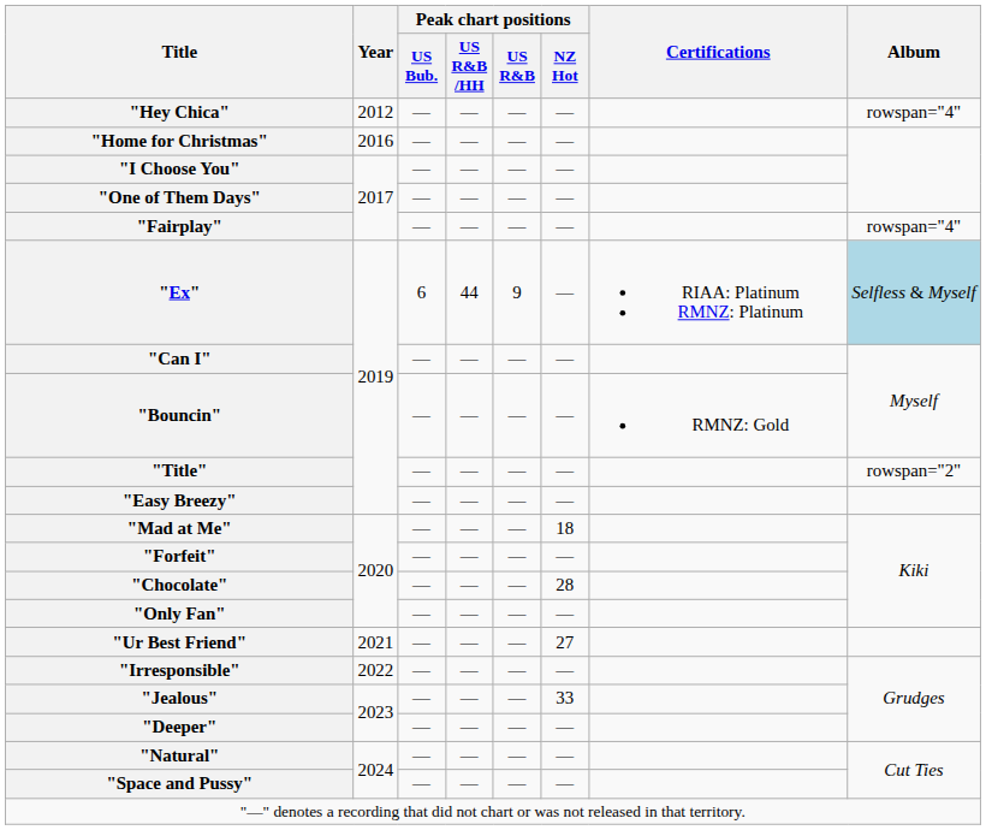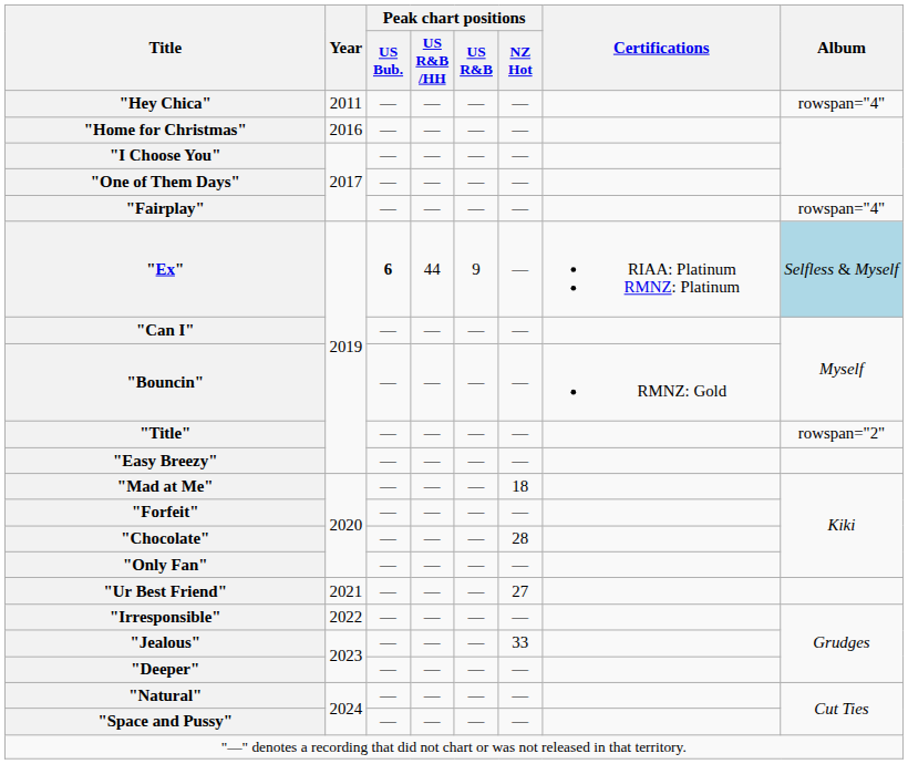 <table class="wikitable plainrowheaders" style="text-align:center;" border="1">
 <tr>
 <th scope="col" rowspan="2" style="width:19em;">Title</th>
 <th scope="col" rowspan="2">Year</th>
 <th scope="col" colspan="4">Peak chart positions</th>
 <th scope="col" rowspan="2" style="width:14em;"><a href='#'>Certifications</a></th>
 <th scope="col" rowspan="2">Album</th>
 </tr>
 <tr>
 <th scope="col" style="width:2.5em;font-size:90%;"><a href='#'>US<br>Bub.</a><br></th>
 <th scope="col" style="width:2.5em;font-size:90%;"><a href='#'>US<br>R&B<br>/HH</a><br></th>
 <th scope="col" style="width:2.5em;font-size:90%;"><a href='#'>US<br>R&B</a><br></th>
 <th scope="col" style="width:2.5em;font-size:90%;"><a href='#'>NZ<br>Hot</a><br></th>
 </tr>
 <tr>
 <th scope="row">"Hey Chica"</th>
-<td>2012</td>
+<td>2011</td>
 <td>—</td>
 <td>—</td>
 <td>—</td>
 <td>—</td>
 <td></td>
 <td>rowspan="4" </td>
 </tr>
 <tr>
 <th scope="row">"Home for Christmas"</th>
 <td>2016</td>
 <td>—</td>
 <td>—</td>
 <td>—</td>
 <td>—</td>
 <td></td>
 </tr>
 <tr>
 <th scope="row">"I Choose You"<br></th>
 <td rowspan="3">2017</td>
 <td>—</td>
 <td>—</td>
 <td>—</td>
 <td>—</td>
 <td></td>
 </tr>
 <tr>
 <th scope="row">"One of Them Days"</th>
 <td>—</td>
 <td>—</td>
 <td>—</td>
 <td>—</td>
 <td></td>
 </tr>
 <tr>
 <th scope="row">"Fairplay"<br></th>
 <td>—</td>
 <td>—</td>
 <td>—</td>
 <td>—</td>
 <td></td>
 <td>rowspan="4" </td>
 </tr>
 <tr>
 <th scope="row">"<a href='#'>Ex</a>"</th>
 <td rowspan="5">2019</td>
-<td>6</td>
+<td><strong>6</strong></td>
 <td>44</td>
 <td>9</td>
 <td>—</td>
 <td><br><ul><li>RIAA: Platinum</li><li><a href='#'>RMNZ</a>: Platinum</li></ul></td>
 <td style="background: lightblue;"><em>Selfless</em> & <em>Myself</em></td>
 </tr>
 <tr>
 <th scope="row">"Can I"</th>
 <td>—</td>
 <td>—</td>
 <td>—</td>
 <td>—</td>
 <td></td>
 <td rowspan="2"><em>Myself</em></td>
 </tr>
 <tr>
 <th scope="row">"Bouncin"<br></th>
 <td>—</td>
 <td>—</td>
 <td>—</td>
 <td>—</td>
 <td><br><ul><li>RMNZ: Gold</li></ul></td>
 </tr>
 <tr>
 <th scope="row">"Title"</th>
 <td>—</td>
 <td>—</td>
 <td>—</td>
 <td>—</td>
 <td></td>
 <td>rowspan="2" </td>
 </tr>
 <tr>
 <th scope="row">"Easy Breezy"</th>
 <td>—</td>
 <td>—</td>
 <td>—</td>
 <td>—</td>
 <td></td>
 </tr>
 <tr>
 <th scope="row">"Mad at Me"</th>
 <td rowspan="4">2020</td>
 <td>—</td>
 <td>—</td>
 <td>—</td>
 <td>18</td>
 <td></td>
 <td rowspan="4"><em>Kiki</em></td>
 </tr>
 <tr>
 <th scope="row">"Forfeit"<br></th>
 <td>—</td>
 <td>—</td>
 <td>—</td>
 <td>—</td>
 <td></td>
 </tr>
 <tr>
 <th scope="row">"Chocolate"<br></th>
 <td>—</td>
 <td>—</td>
 <td>—</td>
 <td>28</td>
 <td></td>
 </tr>
 <tr>
 <th scope="row">"Only Fan"<br></th>
 <td>—</td>
 <td>—</td>
 <td>—</td>
 <td>—</td>
 <td></td>
 </tr>
 <tr>
 <th scope="row">"Ur Best Friend"<br></th>
 <td>2021</td>
 <td>—</td>
 <td>—</td>
 <td>—</td>
 <td>27</td>
 <td></td>
 <td></td>
 </tr>
 <tr>
 <th scope="row">"Irresponsible"</th>
 <td>2022</td>
 <td>—</td>
 <td>—</td>
 <td>—</td>
 <td>—</td>
 <td></td>
 <td rowspan="3"><em>Grudges</em></td>
 </tr>
 <tr>
 <th scope="row">"Jealous"<br></th>
 <td rowspan="2">2023</td>
 <td>—</td>
 <td>—</td>
 <td>—</td>
 <td>33</td>
 <td></td>
 </tr>
 <tr>
 <th scope="row">"Deeper"</th>
 <td>—</td>
 <td>—</td>
 <td>—</td>
 <td>—</td>
 <td></td>
 </tr>
 <tr>
 <th scope="row">"Natural"</th>
 <td rowspan="2">2024</td>
 <td>—</td>
 <td>—</td>
 <td>—</td>
 <td>—</td>
 <td></td>
 <td rowspan="2"><em>Cut Ties</em></td>
 </tr>
 <tr>
 <th scope="row">"Space and Pussy"</th>
 <td>—</td>
 <td>—</td>
 <td>—</td>
 <td>—</td>
 <td></td>
 </tr>
 <tr>
 <td colspan="8" style="font-size:90%">"—" denotes a recording that did not chart or was not released in that territory.</td>
 </tr>
 </table>
